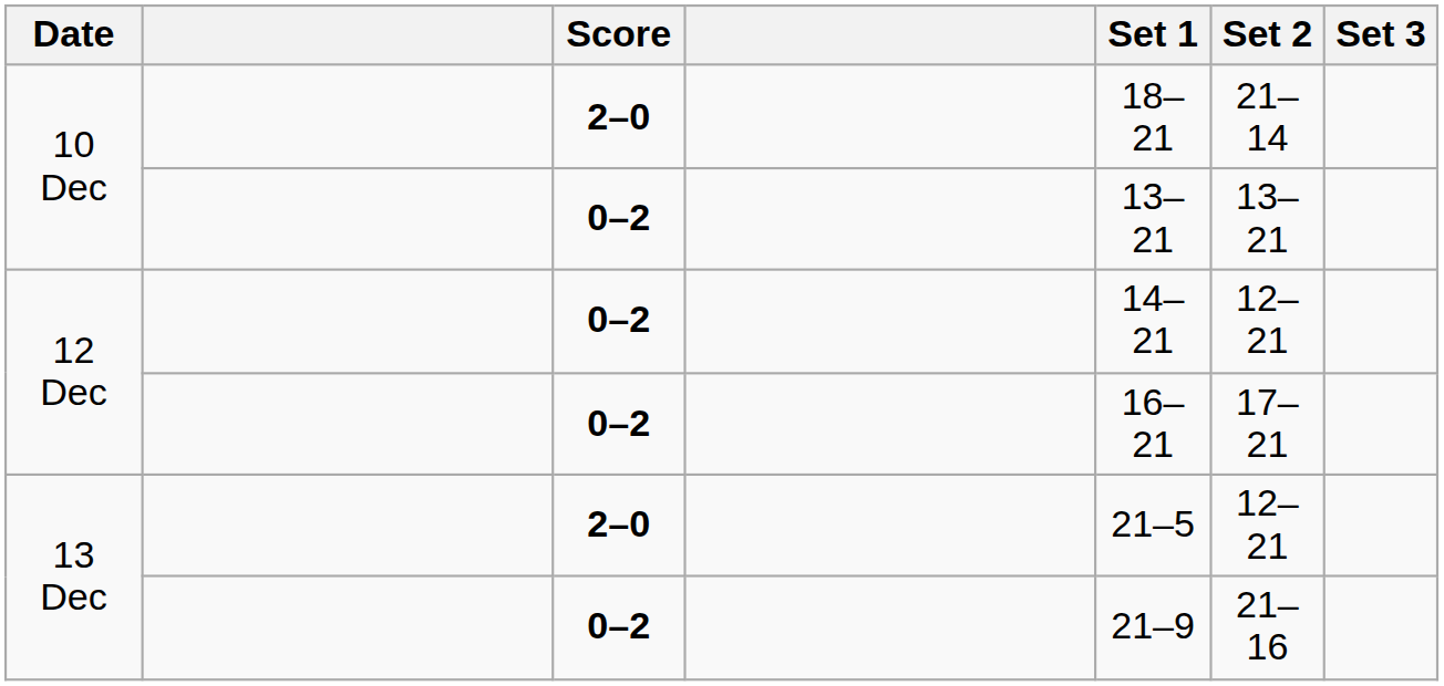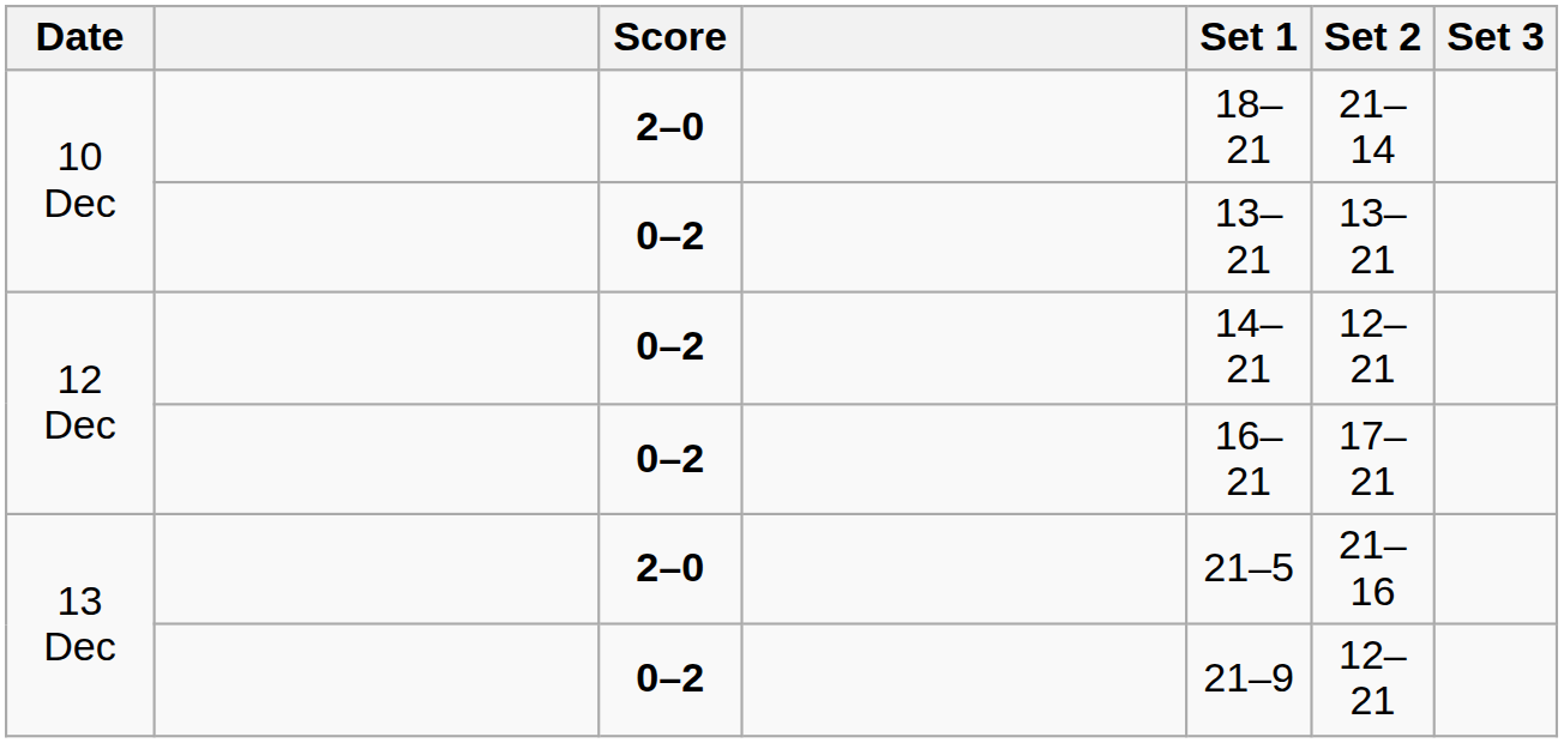 <table class="wikitable" style="text-align: center;">
 <tr>
 <th width="60">Date</th>
 <th align="right" width="270"></th>
 <th width="50">Score</th>
 <th align="left" width="270"></th>
 <th width="50">Set 1</th>
 <th width="50">Set 2</th>
 <th width="50">Set 3</th>
 </tr>
 <tr>
 <td rowspan=2>10 Dec</td>
 <td align=left><strong></strong></td>
 <td align=center><strong>2–0</strong></td>
 <td align=left></td>
 <td>18–21</td>
 <td>21–14</td>
 <td></td>
 </tr>
 <tr>
 <td align=left></td>
 <td align=center><strong>0–2</strong></td>
 <td align=left><strong></strong></td>
 <td>13–21</td>
 <td>13–21</td>
 <td></td>
 </tr>
 <tr>
 <td rowspan=2>12 Dec</td>
 <td align=left></td>
 <td align=center><strong>0–2</strong></td>
 <td align=left><strong></strong></td>
 <td>14–21</td>
 <td>12–21</td>
 <td></td>
 </tr>
 <tr>
 <td align=left></td>
 <td align=center><strong>0–2</strong></td>
 <td align=left><strong></strong></td>
 <td>16–21</td>
 <td>17–21</td>
 <td></td>
 </tr>
 <tr>
 <td rowspan=2>13 Dec</td>
 <td align=left><strong></strong></td>
 <td align=center><strong>2–0</strong></td>
 <td align=left></td>
 <td>21–5</td>
-<td>12–21</td>
+<td>21–16</td>
 <td></td>
 </tr>
 <tr>
 <td align=left></td>
 <td align=center><strong>0–2</strong></td>
 <td align=left><strong></strong></td>
 <td>21–9</td>
-<td>21–16</td>
+<td>12–21</td>
 <td></td>
 </tr>
 </table>
